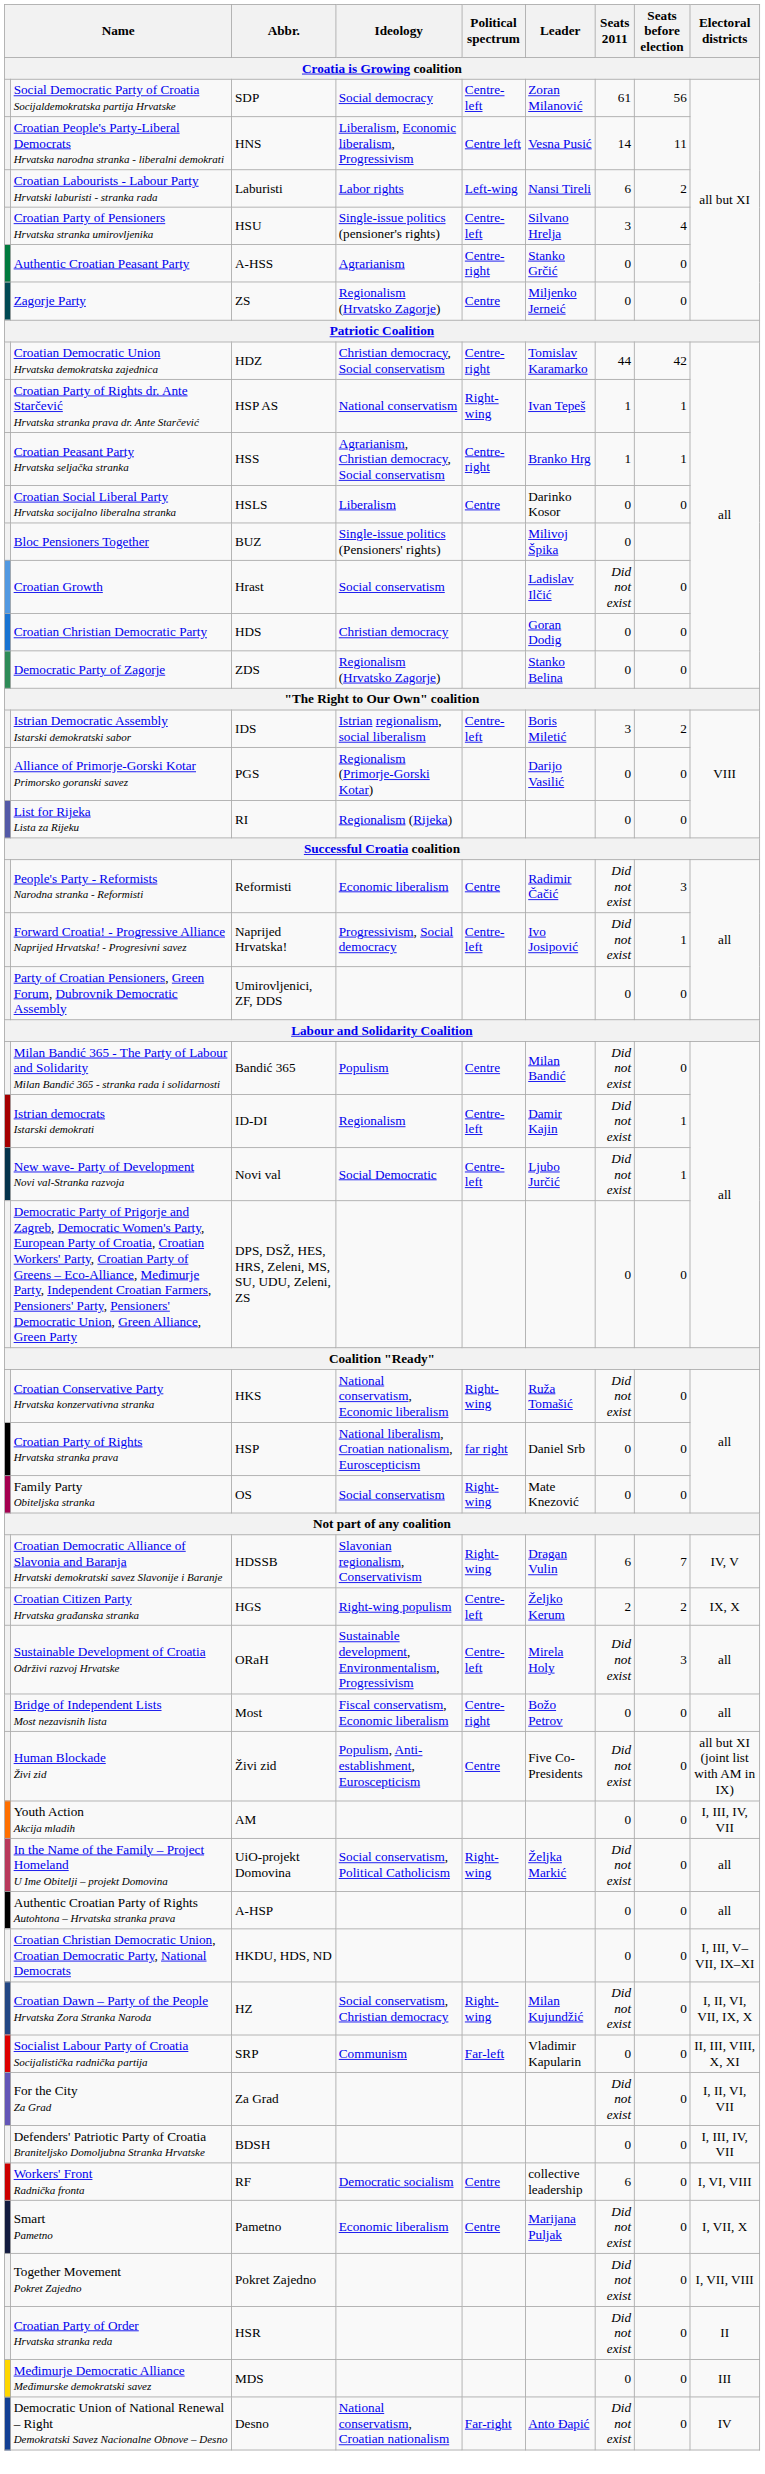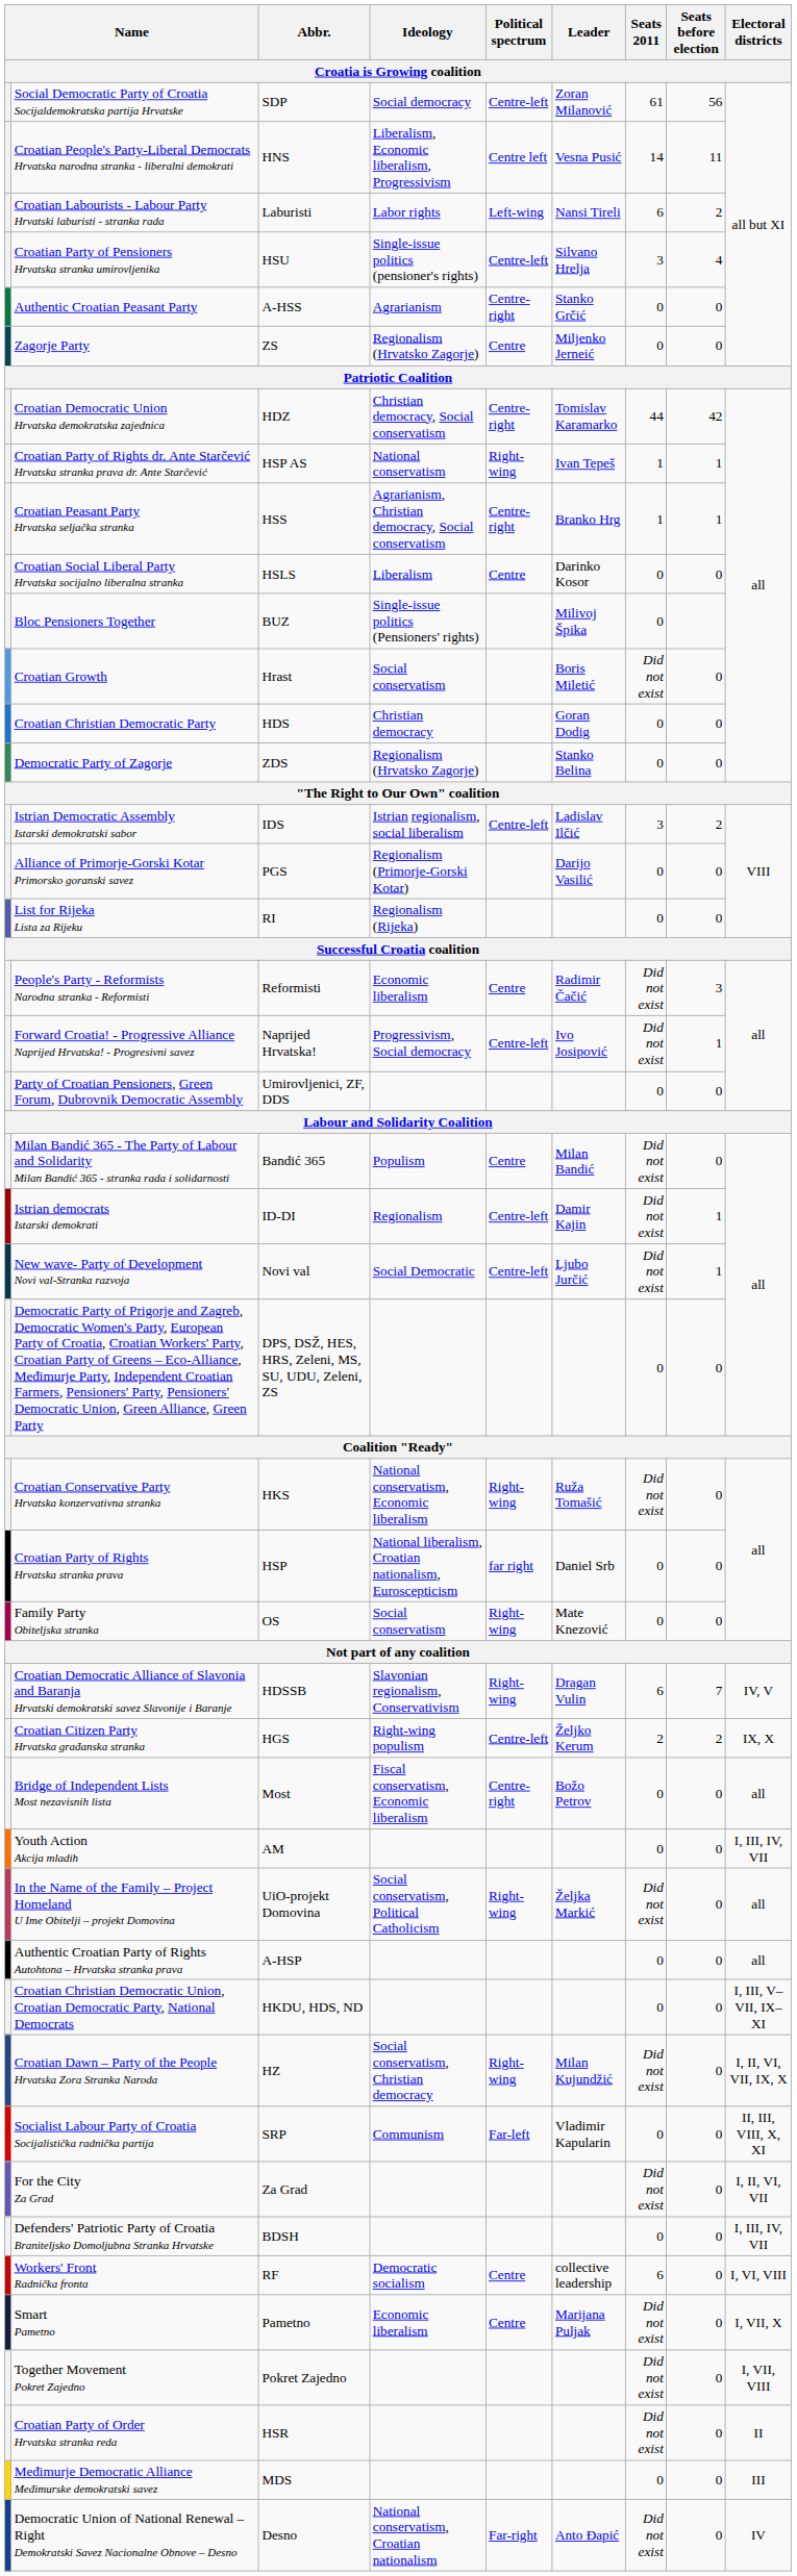 <table class="wikitable collapsible collapsed" style="text-align:left; font-size:95%">
 <tr>
 <th colspan=2>Name</th>
 <th>Abbr.</th>
 <th>Ideology</th>
 <th>Political spectrum</th>
 <th>Leader</th>
 <th>Seats 2011</th>
 <th>Seats before election</th>
 <th>Electoral districts</th>
 </tr>
 <tr>
 <th colspan=9><a href='#'>Croatia is Growing</a> coalition</th>
 </tr>
 <tr>
 <th style="background-color: "></th>
 <td><a href='#'>Social Democratic Party of Croatia</a><br><small><em>Socijaldemokratska partija Hrvatske</em></small></td>
 <td>SDP</td>
 <td><a href='#'>Social democracy</a></td>
 <td><a href='#'>Centre-left</a></td>
 <td><a href='#'>Zoran Milanović</a></td>
 <td align="right">61</td>
 <td align="right">56</td>
 <td align="center" rowspan=6>all but XI</td>
 </tr>
 <tr>
 <th style="background-color: "></th>
 <td><a href='#'>Croatian People's Party-Liberal Democrats</a><br><small><em>Hrvatska narodna stranka - liberalni demokrati</em></small></td>
 <td>HNS</td>
 <td><a href='#'>Liberalism</a>, <a href='#'>Economic liberalism</a>, <a href='#'>Progressivism</a></td>
 <td><a href='#'>Centre left</a></td>
 <td><a href='#'>Vesna Pusić</a></td>
 <td align="right">14</td>
 <td align="right">11</td>
 </tr>
 <tr>
 <th style="background-color: "></th>
 <td><a href='#'>Croatian Labourists - Labour Party</a><br><small><em>Hrvatski laburisti - stranka rada</em></small></td>
 <td>Laburisti</td>
 <td><a href='#'>Labor rights</a></td>
 <td><a href='#'>Left-wing</a></td>
 <td><a href='#'>Nansi Tireli</a></td>
 <td align="right">6</td>
 <td align="right">2</td>
 </tr>
 <tr>
 <th style="background-color: "></th>
 <td><a href='#'>Croatian Party of Pensioners</a><br><small><em>Hrvatska stranka umirovljenika</em></small></td>
 <td>HSU</td>
 <td><a href='#'>Single-issue politics</a> (pensioner's rights)</td>
 <td><a href='#'>Centre-left</a></td>
 <td><a href='#'>Silvano Hrelja</a></td>
 <td align="right">3</td>
 <td align="right">4</td>
 </tr>
 <tr>
 <th style="background-color: #007A3E"></th>
 <td><a href='#'>Authentic Croatian Peasant Party</a></td>
 <td>A-HSS</td>
 <td><a href='#'>Agrarianism</a></td>
 <td><a href='#'>Centre-right</a></td>
 <td><a href='#'>Stanko Grčić</a></td>
 <td align="right">0</td>
 <td align="right">0</td>
 </tr>
 <tr>
 <th style="background-color: #004953"></th>
 <td><a href='#'>Zagorje Party</a></td>
 <td>ZS</td>
 <td><a href='#'>Regionalism</a> (<a href='#'>Hrvatsko Zagorje</a>)</td>
 <td><a href='#'>Centre</a></td>
 <td><a href='#'>Miljenko Jerneić</a></td>
 <td align="right">0</td>
 <td align="right">0</td>
 </tr>
 <tr>
 <th colspan=9><a href='#'>Patriotic Coalition</a></th>
 </tr>
 <tr>
 <th style="background-color: "></th>
 <td><a href='#'>Croatian Democratic Union</a><br><small><em>Hrvatska demokratska zajednica</em></small></td>
 <td>HDZ</td>
 <td><a href='#'>Christian democracy</a>, <a href='#'>Social conservatism</a></td>
 <td><a href='#'>Centre-right</a></td>
 <td><a href='#'>Tomislav Karamarko</a></td>
 <td align="right">44</td>
 <td align="right">42</td>
 <td align="center" rowspan=8>all</td>
 </tr>
 <tr>
 <th style="background-color: "></th>
 <td><a href='#'>Croatian Party of Rights dr. Ante Starčević</a><br><small><em>Hrvatska stranka prava dr. Ante Starčević</em></small></td>
 <td>HSP AS</td>
 <td><a href='#'>National conservatism</a></td>
 <td><a href='#'>Right-wing</a></td>
 <td><a href='#'>Ivan Tepeš</a></td>
 <td align="right">1</td>
 <td align="right">1</td>
 </tr>
 <tr>
 <th style="background-color: "></th>
 <td><a href='#'>Croatian Peasant Party</a><br><small><em>Hrvatska seljačka stranka</em></small></td>
 <td>HSS</td>
 <td><a href='#'>Agrarianism</a>, <a href='#'>Christian democracy</a>, <a href='#'>Social conservatism</a></td>
 <td><a href='#'>Centre-right</a></td>
 <td><a href='#'>Branko Hrg</a></td>
 <td align="right">1</td>
 <td align="right">1</td>
 </tr>
 <tr>
 <th style="background-color: "></th>
 <td><a href='#'>Croatian Social Liberal Party</a><br><small><em>Hrvatska socijalno liberalna stranka</em></small></td>
 <td>HSLS</td>
 <td><a href='#'>Liberalism</a></td>
 <td><a href='#'>Centre</a></td>
 <td>Darinko Kosor</td>
 <td align="right">0</td>
 <td align="right">0</td>
 </tr>
 <tr>
 <th style="background-color: "></th>
 <td><a href='#'>Bloc Pensioners Together</a></td>
 <td>BUZ</td>
 <td><a href='#'>Single-issue politics</a> (Pensioners' rights)</td>
 <td></td>
 <td><a href='#'>Milivoj Špika</a></td>
 <td align="right">0</td>
 </tr>
 <tr>
 <th style="background-color: #5299E1"></th>
 <td><a href='#'>Croatian Growth</a></td>
 <td>Hrast</td>
 <td><a href='#'>Social conservatism</a></td>
 <td></td>
-<td><a href='#'>Ladislav Ilčić</a></td>
+<td><a href='#'>Boris Miletić</a></td>
 <td align="right"><em>Did not exist</em></td>
 <td align="right">0</td>
 </tr>
 <tr>
 <th style="background-color: #1974D2"></th>
 <td><a href='#'>Croatian Christian Democratic Party</a></td>
 <td>HDS</td>
 <td><a href='#'>Christian democracy</a></td>
 <td></td>
 <td><a href='#'>Goran Dodig</a></td>
 <td align="right">0</td>
 <td align="right">0</td>
 </tr>
 <tr>
 <th style="background-color: #2E8B57"></th>
 <td><a href='#'>Democratic Party of Zagorje</a></td>
 <td>ZDS</td>
 <td><a href='#'>Regionalism</a> (<a href='#'>Hrvatsko Zagorje</a>)</td>
 <td></td>
 <td><a href='#'>Stanko Belina</a></td>
 <td align="right">0</td>
 <td align="right">0</td>
 </tr>
 <tr>
 <th colspan=9>"The Right to Our Own" coalition</th>
 </tr>
 <tr>
 <th style="background-color: "></th>
 <td><a href='#'>Istrian Democratic Assembly</a><br><small><em>Istarski demokratski sabor</em></small></td>
 <td>IDS</td>
 <td><a href='#'>Istrian</a> <a href='#'>regionalism</a>, <a href='#'>social liberalism</a></td>
 <td><a href='#'>Centre-left</a></td>
-<td><a href='#'>Boris Miletić</a></td>
+<td><a href='#'>Ladislav Ilčić</a></td>
 <td align="right">3</td>
 <td align="right">2</td>
 <td align="center" rowspan=3>VIII</td>
 </tr>
 <tr>
 <th style="background-color: "></th>
 <td><a href='#'>Alliance of Primorje-Gorski Kotar</a><br><small><em>Primorsko goranski savez</em></small></td>
 <td>PGS</td>
 <td><a href='#'>Regionalism</a> (<a href='#'>Primorje-Gorski Kotar</a>)</td>
 <td></td>
 <td><a href='#'>Darijo Vasilić</a></td>
 <td align="right">0</td>
 <td align="right">0</td>
 </tr>
 <tr>
 <th style="background-color: #545AA7"></th>
 <td><a href='#'>List for Rijeka</a><br><small><em>Lista za Rijeku</em></small></td>
 <td>RI</td>
 <td><a href='#'>Regionalism</a> (<a href='#'>Rijeka</a>)</td>
 <td></td>
 <td></td>
 <td align="right">0</td>
 <td align="right">0</td>
 </tr>
 <tr>
 <th colspan=9><a href='#'>Successful Croatia</a> coalition</th>
 </tr>
 <tr>
 <th style="background-color: "></th>
 <td><a href='#'>People's Party - Reformists</a><br><small><em>Narodna stranka - Reformisti</em></small></td>
 <td>Reformisti</td>
 <td><a href='#'>Economic liberalism</a></td>
 <td><a href='#'>Centre</a></td>
 <td><a href='#'>Radimir Čačić</a></td>
 <td align="right"><em>Did not exist</em></td>
 <td align="right">3</td>
 <td align="center" rowspan=3>all</td>
 </tr>
 <tr>
 <th style="background-color: "></th>
 <td><a href='#'>Forward Croatia! - Progressive Alliance</a><br><small><em>Naprijed Hrvatska! - Progresivni savez</em></small></td>
 <td>Naprijed Hrvatska!</td>
 <td><a href='#'>Progressivism</a>, <a href='#'>Social democracy</a></td>
 <td><a href='#'>Centre-left</a></td>
 <td><a href='#'>Ivo Josipović</a></td>
 <td align="right"><em>Did not exist</em></td>
 <td align="right">1</td>
 </tr>
 <tr>
 <th></th>
 <td><a href='#'>Party of Croatian Pensioners</a>, <a href='#'>Green Forum</a>, <a href='#'>Dubrovnik Democratic Assembly</a></td>
 <td>Umirovljenici, ZF, DDS</td>
 <td></td>
 <td></td>
 <td></td>
 <td align="right">0</td>
 <td align="right">0</td>
 </tr>
 <tr>
 <th colspan=9><a href='#'>Labour and Solidarity Coalition</a></th>
 </tr>
 <tr>
 <th style="background-color: "></th>
 <td><a href='#'>Milan Bandić 365 - The Party of Labour and Solidarity</a><br><small><em>Milan Bandić 365 - stranka rada i solidarnosti</em></small></td>
 <td>Bandić 365</td>
 <td><a href='#'>Populism</a></td>
 <td><a href='#'>Centre</a></td>
 <td><a href='#'>Milan Bandić</a></td>
 <td align="right"><em>Did not exist</em></td>
 <td align="right">0</td>
 <td align="center" rowspan=4>all</td>
 </tr>
 <tr>
 <th style="background-color: #A50001"></th>
 <td><a href='#'>Istrian democrats</a><br><small><em>Istarski demokrati</em></small></td>
 <td>ID-DI</td>
 <td><a href='#'>Regionalism</a></td>
 <td><a href='#'>Centre-left</a></td>
 <td><a href='#'>Damir Kajin</a></td>
 <td align="right"><em>Did not exist</em></td>
 <td align="right">1 </td>
 </tr>
 <tr>
 <th style="background-color: #05344c"></th>
 <td><a href='#'>New wave- Party of Development</a><br><small><em>Novi val-Stranka razvoja</em></small></td>
 <td>Novi val</td>
 <td><a href='#'>Social Democratic</a></td>
 <td><a href='#'>Centre-left</a></td>
 <td><a href='#'>Ljubo Jurčić</a></td>
 <td align="right"><em>Did not exist</em></td>
 <td align="right">1 </td>
 </tr>
 <tr>
 <th></th>
 <td><a href='#'>Democratic Party of Prigorje and Zagreb</a>, <a href='#'>Democratic Women's Party</a>, <a href='#'>European Party of Croatia</a>, <a href='#'>Croatian Workers' Party</a>, <a href='#'>Croatian Party of Greens – Eco-Alliance</a>, <a href='#'>Međimurje Party</a>, <a href='#'>Independent Croatian Farmers</a>, <a href='#'>Pensioners' Party</a>, <a href='#'>Pensioners' Democratic Union</a>, <a href='#'>Green Alliance</a>, <a href='#'>Green Party</a></td>
 <td>DPS, DSŽ, HES, HRS, Zeleni, MS, SU, UDU, Zeleni, ZS</td>
 <td></td>
 <td></td>
 <td></td>
 <td align="right">0</td>
 <td align="right">0</td>
 </tr>
 <tr>
 <th colspan=9>Coalition "Ready"</th>
 </tr>
 <tr>
 <th style="background-color: "></th>
 <td><a href='#'>Croatian Conservative Party</a><br><small><em>Hrvatska konzervativna stranka</em></small></td>
 <td>HKS</td>
 <td><a href='#'>National conservatism</a>, <a href='#'>Economic liberalism</a></td>
 <td><a href='#'>Right-wing</a></td>
 <td><a href='#'>Ruža Tomašić</a></td>
 <td align="right"><em>Did not exist</em></td>
 <td align="right">0</td>
 <td align="center" rowspan=3>all</td>
 </tr>
 <tr>
 <th style="background-color: black"></th>
 <td><a href='#'>Croatian Party of Rights</a><br><small><em>Hrvatska stranka prava</em></small></td>
 <td>HSP</td>
 <td><a href='#'>National liberalism</a>, <a href='#'>Croatian nationalism</a>, <a href='#'>Euroscepticism</a></td>
 <td><a href='#'>far right</a></td>
 <td>Daniel Srb</td>
 <td align="right">0</td>
 <td align="right">0</td>
 </tr>
 <tr>
 <th style="background-color: #A50050"></th>
 <td>Family Party<br><small><em>Obiteljska stranka</em></small></td>
 <td>OS</td>
 <td><a href='#'>Social conservatism</a></td>
 <td><a href='#'>Right-wing</a></td>
 <td>Mate Knezović</td>
 <td align="right">0</td>
 <td align="right">0</td>
 </tr>
 <tr>
 <th colspan=9>Not part of any coalition</th>
 </tr>
 <tr>
 <th style="background-color: "></th>
 <td><a href='#'>Croatian Democratic Alliance of Slavonia and Baranja</a><br><small><em>Hrvatski demokratski savez Slavonije i Baranje</em></small></td>
 <td>HDSSB</td>
 <td><a href='#'>Slavonian</a> <a href='#'>regionalism</a>, <a href='#'>Conservativism</a></td>
 <td><a href='#'>Right-wing</a></td>
 <td><a href='#'>Dragan Vulin</a></td>
 <td align="right">6</td>
 <td align="right">7</td>
 <td align="center">IV, V</td>
 </tr>
 <tr>
 <th style="background-color: "></th>
 <td><a href='#'>Croatian Citizen Party</a><br><small><em>Hrvatska građanska stranka</em></small></td>
 <td>HGS</td>
 <td><a href='#'>Right-wing populism</a></td>
 <td><a href='#'>Centre-left</a></td>
 <td><a href='#'>Željko Kerum</a></td>
 <td align="right">2</td>
 <td align="right">2</td>
 <td align="center">IX, X</td>
 </tr>
 <tr>
 <th style="background-color: "></th>
-<td><a href='#'>Sustainable Development of Croatia</a><br><small><em>Održivi razvoj Hrvatske</em></small></td>
-<td>ORaH</td>
-<td><a href='#'>Sustainable development</a>, <a href='#'>Environmentalism</a>, <a href='#'>Progressivism</a></td>
-<td><a href='#'>Centre-left</a></td>
-<td><a href='#'>Mirela Holy</a></td>
-<td align="right"><em>Did not exist</em></td>
-<td align="right">3</td>
-<td align="center">all</td>
-</tr>
-<tr>
-<th style="background-color: "></th>
 <td><a href='#'>Bridge of Independent Lists</a><br><small><em>Most nezavisnih lista</em></small></td>
 <td>Most</td>
 <td><a href='#'>Fiscal conservatism</a>, <a href='#'>Economic liberalism</a></td>
 <td><a href='#'>Centre-right</a></td>
 <td><a href='#'>Božo Petrov</a></td>
 <td align="right">0</td>
 <td align="right">0</td>
 <td align="center">all</td>
-</tr>
-<tr>
-<th style="background-color: "></th>
-<td><a href='#'>Human Blockade</a><br><small><em>Živi zid</em></small></td>
-<td>Živi zid</td>
-<td><a href='#'>Populism</a>, <a href='#'>Anti-establishment</a>, <a href='#'>Euroscepticism</a></td>
-<td><a href='#'>Centre</a></td>
-<td>Five Co-Presidents</td>
-<td align="right"><em>Did not exist</em></td>
-<td align="right">0</td>
-<td align="center">all but XI (joint list with AM in IX)</td>
 </tr>
 <tr>
 <th style="background-color: #FF7000"></th>
 <td>Youth Action<br><small><em>Akcija mladih</em></small></td>
 <td>AM</td>
 <td></td>
 <td></td>
 <td></td>
 <td align="right">0</td>
 <td align="right">0</td>
 <td align="center">I, III, IV, VII</td>
 </tr>
 <tr>
 <th style="background-color: #B9395C"></th>
 <td><a href='#'>In the Name of the Family – Project Homeland</a><br><small><em>U Ime Obitelji – projekt Domovina</em></small></td>
 <td>UiO-projekt Domovina</td>
 <td><a href='#'>Social conservatism</a>, <a href='#'>Political Catholicism</a></td>
 <td><a href='#'>Right-wing</a></td>
 <td><a href='#'>Željka Markić</a></td>
 <td align="right"><em>Did not exist</em></td>
 <td align="right">0</td>
 <td align="center">all</td>
 </tr>
 <tr>
 <th style="background-color: #000000"></th>
 <td>Authentic Croatian Party of Rights<br><small><em>Autohtona – Hrvatska stranka prava</em></small></td>
 <td>A-HSP</td>
 <td></td>
 <td></td>
 <td></td>
 <td align="right">0</td>
 <td align="right">0</td>
 <td align="center">all</td>
 </tr>
 <tr>
 <th></th>
 <td><a href='#'>Croatian Christian Democratic Union</a>, <a href='#'>Croatian Democratic Party</a>, <a href='#'>National Democrats</a></td>
 <td>HKDU, HDS, ND</td>
 <td></td>
 <td></td>
 <td></td>
 <td align="right">0</td>
 <td align="right">0</td>
 <td align="center">I, III, V–VII, IX–XI</td>
 </tr>
 <tr>
 <th style="background-color: #234784"></th>
 <td><a href='#'>Croatian Dawn – Party of the People</a><br><small><em>Hrvatska Zora Stranka Naroda</em></small></td>
 <td>HZ</td>
 <td><a href='#'>Social conservatism</a>, <a href='#'>Christian democracy</a></td>
 <td><a href='#'>Right-wing</a></td>
 <td><a href='#'>Milan Kujundžić</a></td>
 <td align="right"><em>Did not exist</em></td>
 <td align="right">0</td>
 <td align="center">I, II, VI, VII, IX, X</td>
 </tr>
 <tr>
 <th style="background-color: #DD0000"></th>
 <td><a href='#'>Socialist Labour Party of Croatia</a><br><small><em>Socijalistička radnička partija</em></small></td>
 <td>SRP</td>
 <td><a href='#'>Communism</a></td>
 <td><a href='#'>Far-left</a></td>
 <td>Vladimir Kapularin</td>
 <td align="right">0</td>
 <td align="right">0</td>
 <td align="center">II, III, VIII, X, XI</td>
 </tr>
 <tr>
 <th style="background-color: #6456B7"></th>
 <td>For the City<br><small><em>Za Grad</em></small></td>
 <td>Za Grad</td>
 <td></td>
 <td></td>
 <td></td>
 <td align="right"><em>Did not exist</em></td>
 <td align="right">0</td>
 <td align="center">I, II, VI, VII</td>
 </tr>
 <tr>
 <th></th>
 <td>Defenders' Patriotic Party of Croatia<br><small><em>Braniteljsko Domoljubna Stranka Hrvatske</em></small></td>
 <td>BDSH</td>
 <td></td>
 <td></td>
 <td></td>
 <td align="right">0</td>
 <td align="right">0</td>
 <td align="center">I, III, IV, VII</td>
 </tr>
 <tr>
 <th style="background-color: #CC0000"></th>
 <td><a href='#'>Workers' Front</a><br><small><em>Radnička fronta</em></small></td>
 <td>RF</td>
 <td><a href='#'>Democratic socialism</a></td>
 <td><a href='#'>Centre</a></td>
 <td>collective leadership</td>
 <td align="right">6</td>
 <td align="right">0</td>
 <td align="center">I, VI, VIII</td>
 </tr>
 <tr>
 <th style="background-color: #141C40"></th>
 <td>Smart<br><small><em>Pametno</em></small></td>
 <td>Pametno</td>
 <td><a href='#'>Economic liberalism</a></td>
 <td><a href='#'>Centre</a></td>
 <td><a href='#'>Marijana Puljak</a></td>
 <td align="right"><em>Did not exist</em></td>
 <td align="right">0</td>
 <td align="center">I, VII, X</td>
 </tr>
 <tr>
 <th></th>
 <td>Together Movement<br><small><em>Pokret Zajedno</em></small></td>
 <td>Pokret Zajedno</td>
 <td></td>
 <td></td>
 <td></td>
 <td align="right"><em>Did not exist</em></td>
 <td align="right">0</td>
 <td align="center">I, VII, VIII</td>
 </tr>
 <tr>
 <th></th>
 <td><a href='#'>Croatian Party of Order</a><br><small><em>Hrvatska stranka reda</em></small></td>
 <td>HSR</td>
 <td></td>
 <td></td>
 <td></td>
 <td align="right"><em>Did not exist</em></td>
 <td align="right">0</td>
 <td align="center">II</td>
 </tr>
 <tr>
 <th style="background-color: gold"></th>
 <td><a href='#'>Međimurje Democratic Alliance</a><br><small><em>Međimurske demokratski savez</em></small></td>
 <td>MDS</td>
 <td></td>
 <td></td>
 <td></td>
 <td align="right">0</td>
 <td align="right">0</td>
 <td align="center">III</td>
 </tr>
 <tr>
 <th style="background-color: #134094"></th>
 <td>Democratic Union of National Renewal – Right<br><small><em>Demokratski Savez Nacionalne Obnove – Desno</em></small></td>
 <td>Desno</td>
 <td><a href='#'>National conservatism</a>, <a href='#'>Croatian nationalism</a></td>
 <td><a href='#'>Far-right</a></td>
 <td><a href='#'>Anto Đapić</a></td>
 <td align="right"><em>Did not exist</em></td>
 <td align="right">0</td>
 <td align="center">IV</td>
 </tr>
 </table>
